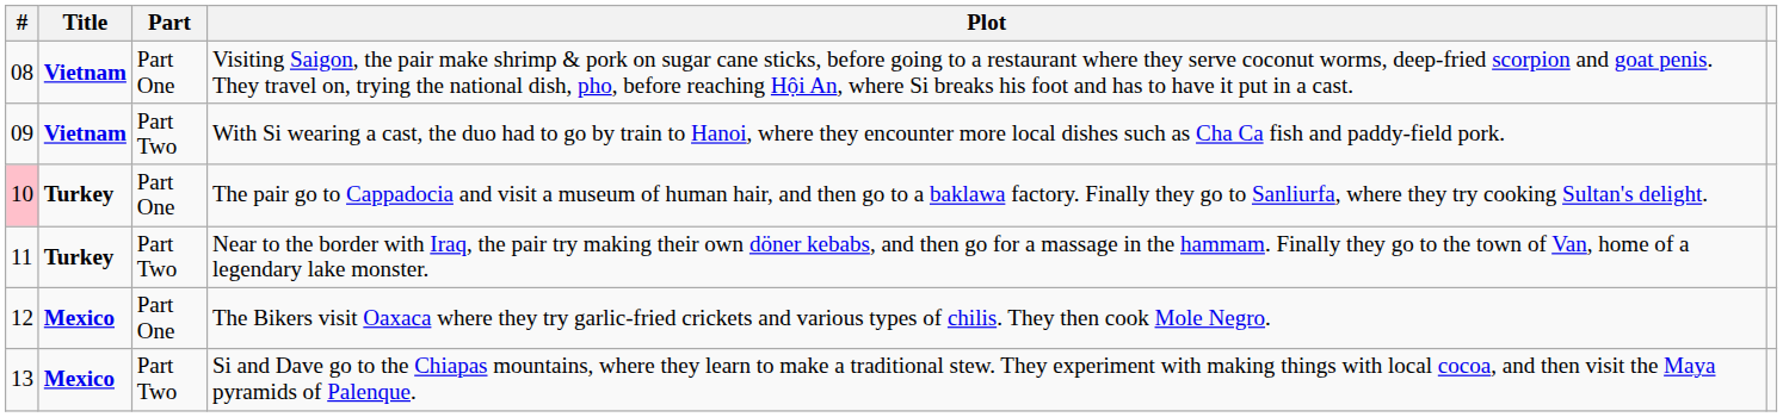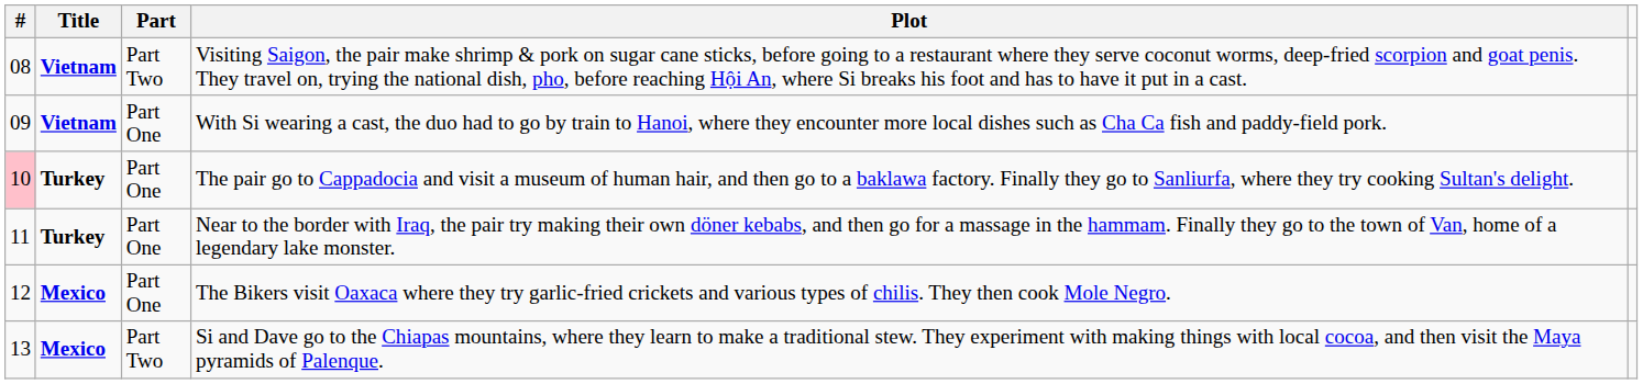 <table class="wikitable">
 <tr>
 <th>#</th>
 <th>Title</th>
 <th>Part</th>
 <th>Plot</th>
 </tr>
 <tr>
 <td>08</td>
 <td><strong><a href='#'>Vietnam</a></strong></td>
-<td>Part One</td>
+<td>Part Two</td>
 <td>Visiting <a href='#'>Saigon</a>, the pair make shrimp & pork on sugar cane sticks, before going to a restaurant where they serve coconut worms, deep-fried <a href='#'>scorpion</a> and <a href='#'>goat penis</a>. They travel on, trying the national dish, <a href='#'>pho</a>, before reaching <a href='#'>Hội An</a>, where Si breaks his foot and has to have it put in a cast.</td>
 <td></td>
 </tr>
 <tr>
 <td>09</td>
 <td><strong><a href='#'>Vietnam</a></strong></td>
-<td>Part Two</td>
+<td>Part One</td>
 <td>With Si wearing a cast, the duo had to go by train to <a href='#'>Hanoi</a>, where they encounter more local dishes such as <a href='#'>Cha Ca</a> fish and paddy-field pork.</td>
 <td></td>
 </tr>
 <tr>
 <td style="background: pink;">10</td>
 <td><strong>Turkey</strong></td>
 <td>Part One</td>
 <td>The pair go to <a href='#'>Cappadocia</a> and visit a museum of human hair, and then go to a <a href='#'>baklawa</a> factory. Finally they go to <a href='#'>Sanliurfa</a>, where they try cooking <a href='#'>Sultan's delight</a>.</td>
 <td></td>
 </tr>
 <tr>
 <td>11</td>
 <td><strong>Turkey</strong></td>
-<td>Part Two</td>
+<td>Part One</td>
 <td>Near to the border with <a href='#'>Iraq</a>, the pair try making their own <a href='#'>döner kebabs</a>, and then go for a massage in the <a href='#'>hammam</a>. Finally they go to the town of <a href='#'>Van</a>, home of a legendary lake monster.</td>
 <td></td>
 </tr>
 <tr>
 <td>12</td>
 <td><strong><a href='#'>Mexico</a></strong></td>
 <td>Part One</td>
 <td>The Bikers visit <a href='#'>Oaxaca</a> where they try garlic-fried crickets and various types of <a href='#'>chilis</a>. They then cook <a href='#'>Mole Negro</a>.</td>
 <td></td>
 </tr>
 <tr>
 <td>13</td>
 <td><strong><a href='#'>Mexico</a></strong></td>
 <td>Part Two</td>
 <td>Si and Dave go to the <a href='#'>Chiapas</a> mountains, where they learn to make a traditional stew. They experiment with making things with local <a href='#'>cocoa</a>, and then visit the <a href='#'>Maya</a> pyramids of <a href='#'>Palenque</a>.</td>
 <td></td>
 </tr>
 </table>
